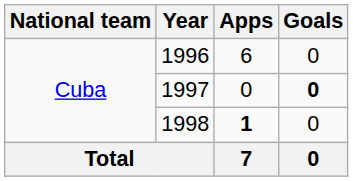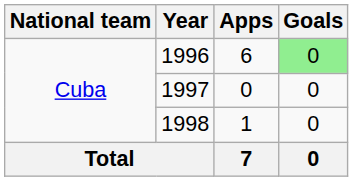 <table class="wikitable" style="text-align:center">
 <tr>
 <th>National team</th>
 <th>Year</th>
 <th>Apps</th>
 <th>Goals</th>
 </tr>
 <tr>
 <td rowspan="3"><a href='#'>Cuba</a></td>
 <td>1996</td>
 <td>6</td>
-<td>0</td>
+<td style="background: lightgreen;">0</td>
 </tr>
 <tr>
 <td>1997</td>
 <td>0</td>
-<td><strong>0</strong></td>
+<td>0</td>
 </tr>
 <tr>
 <td>1998</td>
-<td><strong>1</strong></td>
+<td>1</td>
 <td>0</td>
 </tr>
 <tr>
 <th colspan=2>Total</th>
 <th>7</th>
 <th>0</th>
 </tr>
 </table>
